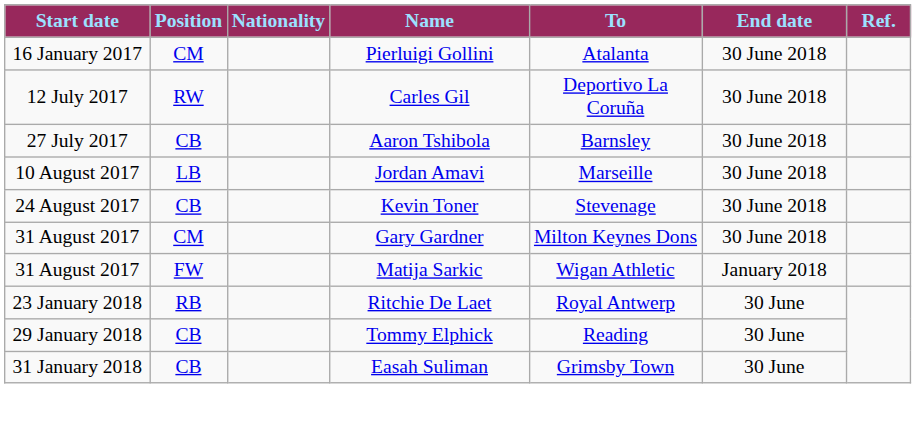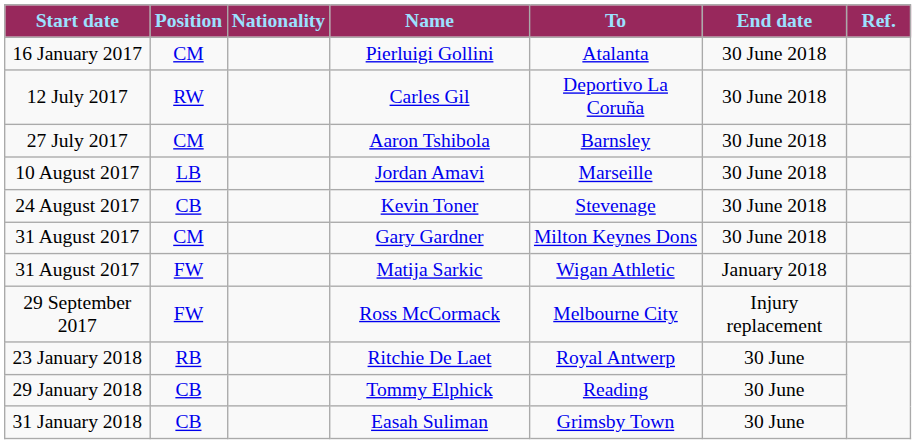 <table class="wikitable"  style="text-align:center; font-size:90%; ">
 <tr>
 <th style="background:#98285c; color:#9be1ff; width:100px;">Start date</th>
 <th style="background:#98285c; color:#9be1ff; width:50px;">Position</th>
 <th style="background:#98285c; color:#9be1ff; width:50px;">Nationality</th>
 <th style="background:#98285c; color:#9be1ff; width:140px;">Name</th>
 <th style="background:#98285c; color:#9be1ff; width:120px;">To</th>
 <th style="background:#98285c; color:#9be1ff; width:100px;">End date</th>
 <th style="background:#98285c; color:#9be1ff; width:40px;">Ref.</th>
 </tr>
 <tr>
 <td>16 January 2017</td>
 <td><a href='#'>CM</a></td>
 <td></td>
 <td><a href='#'>Pierluigi Gollini</a></td>
 <td><a href='#'>Atalanta</a></td>
 <td>30 June 2018</td>
 <td></td>
 </tr>
 <tr>
 <td>12 July 2017</td>
 <td><a href='#'>RW</a></td>
 <td></td>
 <td><a href='#'>Carles Gil</a></td>
 <td><a href='#'>Deportivo La Coruña</a></td>
 <td>30 June 2018</td>
 <td></td>
 </tr>
 <tr>
 <td>27 July 2017</td>
-<td><a href='#'>CB</a></td>
+<td><a href='#'>CM</a></td>
 <td></td>
 <td><a href='#'>Aaron Tshibola</a></td>
 <td><a href='#'>Barnsley</a></td>
 <td>30 June 2018</td>
 <td></td>
 </tr>
 <tr>
 <td>10 August 2017</td>
 <td><a href='#'>LB</a></td>
 <td></td>
 <td><a href='#'>Jordan Amavi</a></td>
 <td><a href='#'>Marseille</a></td>
 <td>30 June 2018</td>
 <td></td>
 </tr>
 <tr>
 <td>24 August 2017</td>
 <td><a href='#'>CB</a></td>
 <td></td>
 <td><a href='#'>Kevin Toner</a></td>
 <td><a href='#'>Stevenage</a></td>
 <td>30 June 2018</td>
 <td></td>
 </tr>
 <tr>
 <td>31 August 2017</td>
 <td><a href='#'>CM</a></td>
 <td></td>
 <td><a href='#'>Gary Gardner</a></td>
 <td><a href='#'>Milton Keynes Dons</a></td>
 <td>30 June 2018</td>
 <td></td>
 </tr>
 <tr>
 <td>31 August 2017</td>
 <td><a href='#'>FW</a></td>
 <td></td>
 <td><a href='#'>Matija Sarkic</a></td>
 <td><a href='#'>Wigan Athletic</a></td>
 <td>January 2018</td>
 <td></td>
 </tr>
 <tr>
+<td>29 September 2017</td>
+<td><a href='#'>FW</a></td>
+<td></td>
+<td><a href='#'>Ross McCormack</a></td>
+<td><a href='#'>Melbourne City</a></td>
+<td>Injury replacement</td>
+<td></td>
+</tr>
+<tr>
 <td>23 January 2018</td>
 <td><a href='#'>RB</a></td>
 <td></td>
 <td><a href='#'>Ritchie De Laet</a></td>
 <td><a href='#'>Royal Antwerp</a></td>
 <td>30 June</td>
 </tr>
 <tr>
 <td>29 January 2018</td>
 <td><a href='#'>CB</a></td>
 <td></td>
 <td><a href='#'>Tommy Elphick</a></td>
 <td><a href='#'>Reading</a></td>
 <td>30 June</td>
 </tr>
 <tr>
 <td>31 January 2018</td>
 <td><a href='#'>CB</a></td>
 <td></td>
 <td><a href='#'>Easah Suliman</a></td>
 <td><a href='#'>Grimsby Town</a></td>
 <td>30 June</td>
 </tr>
 </table>
